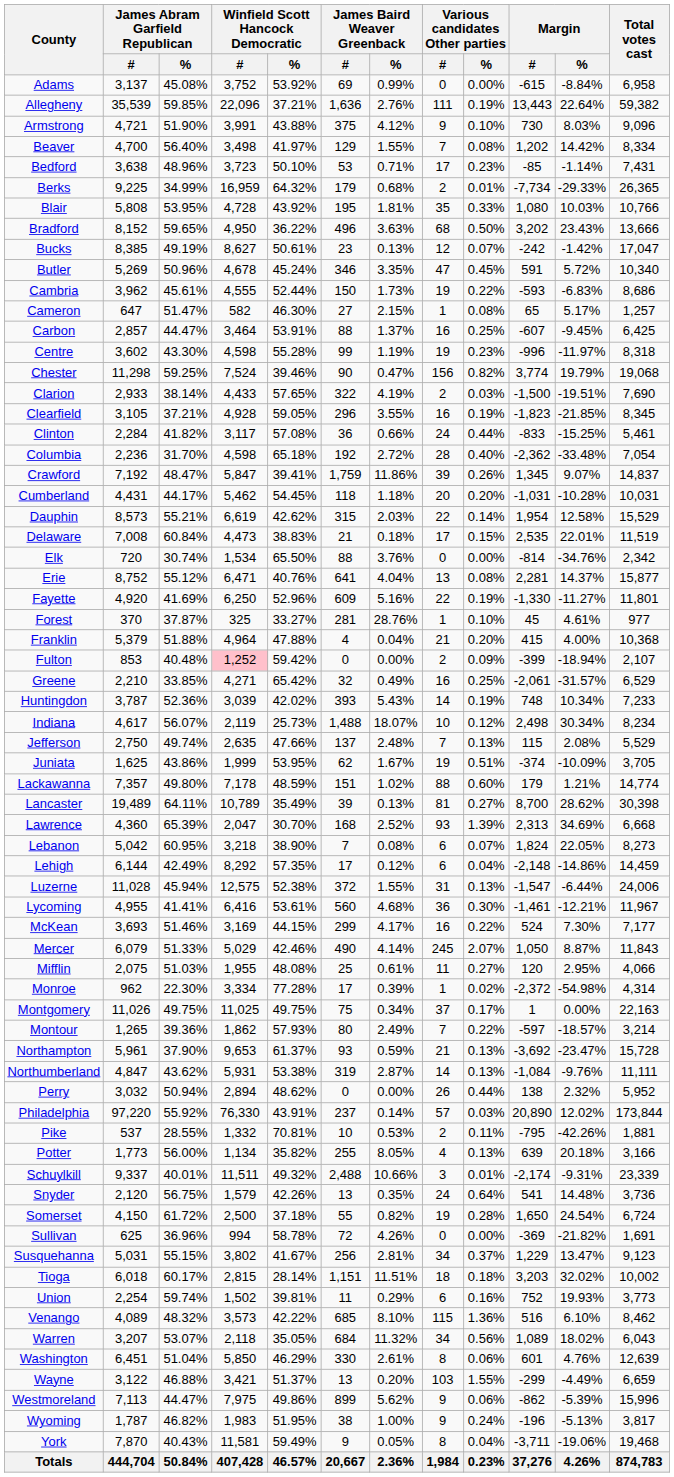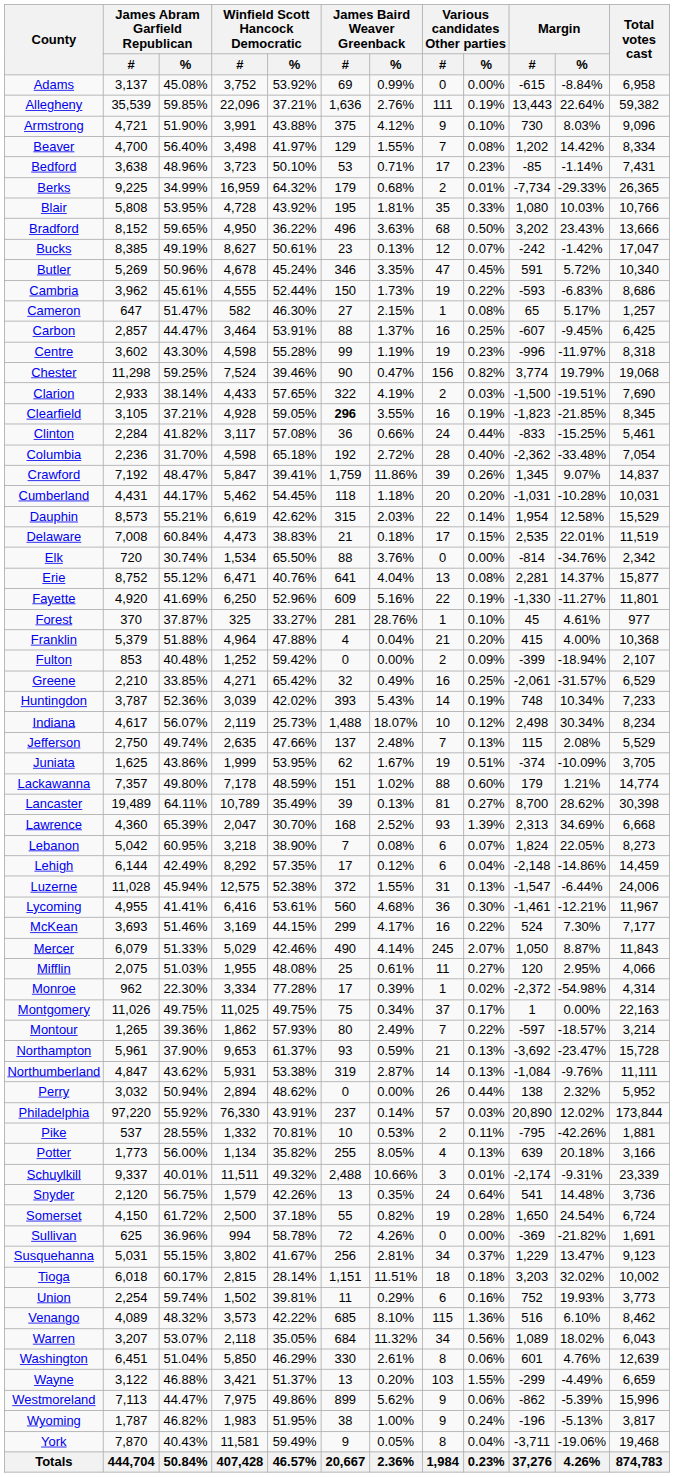 <table width="65%"  class="wikitable sortable" style="text-align:center">
 <tr>
 <th colspan="1" rowspan="2">County</th>
 <th style="text-align:center;" colspan="2">James Abram Garfield<br>Republican</th>
 <th style="text-align:center;" colspan="2">Winfield Scott Hancock<br>Democratic</th>
 <th style="text-align:center;" colspan="2">James Baird Weaver<br>Greenback</th>
 <th style="text-align:center;" colspan="2">Various candidates<br>Other parties</th>
 <th style="text-align:center;" colspan="2">Margin</th>
 <th style="text-align:center;" rowspan="2">Total votes cast</th>
 </tr>
 <tr>
 <th style="text-align:center;" data-sort-type="number">#</th>
 <th style="text-align:center;" data-sort-type="number">%</th>
 <th style="text-align:center;" data-sort-type="number">#</th>
 <th style="text-align:center;" data-sort-type="number">%</th>
 <th style="text-align:center;" data-sort-type="number">#</th>
 <th style="text-align:center;" data-sort-type="number">%</th>
 <th style="text-align:center;" data-sort-type="number">#</th>
 <th style="text-align:center;" data-sort-type="number">%</th>
 <th style="text-align:center;" data-sort-type="number">#</th>
 <th style="text-align:center;" data-sort-type="number">%</th>
 </tr>
 <tr style="text-align:center;">
 <td><a href='#'>Adams</a></td>
 <td>3,137</td>
 <td>45.08%</td>
 <td>3,752</td>
 <td>53.92%</td>
 <td>69</td>
 <td>0.99%</td>
 <td>0</td>
 <td>0.00%</td>
 <td>-615</td>
 <td>-8.84%</td>
 <td>6,958</td>
 </tr>
 <tr style="text-align:center;">
 <td><a href='#'>Allegheny</a></td>
 <td>35,539</td>
 <td>59.85%</td>
 <td>22,096</td>
 <td>37.21%</td>
 <td>1,636</td>
 <td>2.76%</td>
 <td>111</td>
 <td>0.19%</td>
 <td>13,443</td>
 <td>22.64%</td>
 <td>59,382</td>
 </tr>
 <tr style="text-align:center;">
 <td><a href='#'>Armstrong</a></td>
 <td>4,721</td>
 <td>51.90%</td>
 <td>3,991</td>
 <td>43.88%</td>
 <td>375</td>
 <td>4.12%</td>
 <td>9</td>
 <td>0.10%</td>
 <td>730</td>
 <td>8.03%</td>
 <td>9,096</td>
 </tr>
 <tr style="text-align:center;">
 <td><a href='#'>Beaver</a></td>
 <td>4,700</td>
 <td>56.40%</td>
 <td>3,498</td>
 <td>41.97%</td>
 <td>129</td>
 <td>1.55%</td>
 <td>7</td>
 <td>0.08%</td>
 <td>1,202</td>
 <td>14.42%</td>
 <td>8,334</td>
 </tr>
 <tr style="text-align:center;">
 <td><a href='#'>Bedford</a></td>
 <td>3,638</td>
 <td>48.96%</td>
 <td>3,723</td>
 <td>50.10%</td>
 <td>53</td>
 <td>0.71%</td>
 <td>17</td>
 <td>0.23%</td>
 <td>-85</td>
 <td>-1.14%</td>
 <td>7,431</td>
 </tr>
 <tr style="text-align:center;">
 <td><a href='#'>Berks</a></td>
 <td>9,225</td>
 <td>34.99%</td>
 <td>16,959</td>
 <td>64.32%</td>
 <td>179</td>
 <td>0.68%</td>
 <td>2</td>
 <td>0.01%</td>
 <td>-7,734</td>
 <td>-29.33%</td>
 <td>26,365</td>
 </tr>
 <tr style="text-align:center;">
 <td><a href='#'>Blair</a></td>
 <td>5,808</td>
 <td>53.95%</td>
 <td>4,728</td>
 <td>43.92%</td>
 <td>195</td>
 <td>1.81%</td>
 <td>35</td>
 <td>0.33%</td>
 <td>1,080</td>
 <td>10.03%</td>
 <td>10,766</td>
 </tr>
 <tr style="text-align:center;">
 <td><a href='#'>Bradford</a></td>
 <td>8,152</td>
 <td>59.65%</td>
 <td>4,950</td>
 <td>36.22%</td>
 <td>496</td>
 <td>3.63%</td>
 <td>68</td>
 <td>0.50%</td>
 <td>3,202</td>
 <td>23.43%</td>
 <td>13,666</td>
 </tr>
 <tr style="text-align:center;">
 <td><a href='#'>Bucks</a></td>
 <td>8,385</td>
 <td>49.19%</td>
 <td>8,627</td>
 <td>50.61%</td>
 <td>23</td>
 <td>0.13%</td>
 <td>12</td>
 <td>0.07%</td>
 <td>-242</td>
 <td>-1.42%</td>
 <td>17,047</td>
 </tr>
 <tr style="text-align:center;">
 <td><a href='#'>Butler</a></td>
 <td>5,269</td>
 <td>50.96%</td>
 <td>4,678</td>
 <td>45.24%</td>
 <td>346</td>
 <td>3.35%</td>
 <td>47</td>
 <td>0.45%</td>
 <td>591</td>
 <td>5.72%</td>
 <td>10,340</td>
 </tr>
 <tr style="text-align:center;">
 <td><a href='#'>Cambria</a></td>
 <td>3,962</td>
 <td>45.61%</td>
 <td>4,555</td>
 <td>52.44%</td>
 <td>150</td>
 <td>1.73%</td>
 <td>19</td>
 <td>0.22%</td>
 <td>-593</td>
 <td>-6.83%</td>
 <td>8,686</td>
 </tr>
 <tr style="text-align:center;">
 <td><a href='#'>Cameron</a></td>
 <td>647</td>
 <td>51.47%</td>
 <td>582</td>
 <td>46.30%</td>
 <td>27</td>
 <td>2.15%</td>
 <td>1</td>
 <td>0.08%</td>
 <td>65</td>
 <td>5.17%</td>
 <td>1,257</td>
 </tr>
 <tr style="text-align:center;">
 <td><a href='#'>Carbon</a></td>
 <td>2,857</td>
 <td>44.47%</td>
 <td>3,464</td>
 <td>53.91%</td>
 <td>88</td>
 <td>1.37%</td>
 <td>16</td>
 <td>0.25%</td>
 <td>-607</td>
 <td>-9.45%</td>
 <td>6,425</td>
 </tr>
 <tr style="text-align:center;">
 <td><a href='#'>Centre</a></td>
 <td>3,602</td>
 <td>43.30%</td>
 <td>4,598</td>
 <td>55.28%</td>
 <td>99</td>
 <td>1.19%</td>
 <td>19</td>
 <td>0.23%</td>
 <td>-996</td>
 <td>-11.97%</td>
 <td>8,318</td>
 </tr>
 <tr style="text-align:center;">
 <td><a href='#'>Chester</a></td>
 <td>11,298</td>
 <td>59.25%</td>
 <td>7,524</td>
 <td>39.46%</td>
 <td>90</td>
 <td>0.47%</td>
 <td>156</td>
 <td>0.82%</td>
 <td>3,774</td>
 <td>19.79%</td>
 <td>19,068</td>
 </tr>
 <tr style="text-align:center;">
 <td><a href='#'>Clarion</a></td>
 <td>2,933</td>
 <td>38.14%</td>
 <td>4,433</td>
 <td>57.65%</td>
 <td>322</td>
 <td>4.19%</td>
 <td>2</td>
 <td>0.03%</td>
 <td>-1,500</td>
 <td>-19.51%</td>
 <td>7,690</td>
 </tr>
 <tr style="text-align:center;">
 <td><a href='#'>Clearfield</a></td>
 <td>3,105</td>
 <td>37.21%</td>
 <td>4,928</td>
 <td>59.05%</td>
-<td>296</td>
+<td><strong>296</strong></td>
 <td>3.55%</td>
 <td>16</td>
 <td>0.19%</td>
 <td>-1,823</td>
 <td>-21.85%</td>
 <td>8,345</td>
 </tr>
 <tr style="text-align:center;">
 <td><a href='#'>Clinton</a></td>
 <td>2,284</td>
 <td>41.82%</td>
 <td>3,117</td>
 <td>57.08%</td>
 <td>36</td>
 <td>0.66%</td>
 <td>24</td>
 <td>0.44%</td>
 <td>-833</td>
 <td>-15.25%</td>
 <td>5,461</td>
 </tr>
 <tr style="text-align:center;">
 <td><a href='#'>Columbia</a></td>
 <td>2,236</td>
 <td>31.70%</td>
 <td>4,598</td>
 <td>65.18%</td>
 <td>192</td>
 <td>2.72%</td>
 <td>28</td>
 <td>0.40%</td>
 <td>-2,362</td>
 <td>-33.48%</td>
 <td>7,054</td>
 </tr>
 <tr style="text-align:center;">
 <td><a href='#'>Crawford</a></td>
 <td>7,192</td>
 <td>48.47%</td>
 <td>5,847</td>
 <td>39.41%</td>
 <td>1,759</td>
 <td>11.86%</td>
 <td>39</td>
 <td>0.26%</td>
 <td>1,345</td>
 <td>9.07%</td>
 <td>14,837</td>
 </tr>
 <tr style="text-align:center;">
 <td><a href='#'>Cumberland</a></td>
 <td>4,431</td>
 <td>44.17%</td>
 <td>5,462</td>
 <td>54.45%</td>
 <td>118</td>
 <td>1.18%</td>
 <td>20</td>
 <td>0.20%</td>
 <td>-1,031</td>
 <td>-10.28%</td>
 <td>10,031</td>
 </tr>
 <tr style="text-align:center;">
 <td><a href='#'>Dauphin</a></td>
 <td>8,573</td>
 <td>55.21%</td>
 <td>6,619</td>
 <td>42.62%</td>
 <td>315</td>
 <td>2.03%</td>
 <td>22</td>
 <td>0.14%</td>
 <td>1,954</td>
 <td>12.58%</td>
 <td>15,529</td>
 </tr>
 <tr style="text-align:center;">
 <td><a href='#'>Delaware</a></td>
 <td>7,008</td>
 <td>60.84%</td>
 <td>4,473</td>
 <td>38.83%</td>
 <td>21</td>
 <td>0.18%</td>
 <td>17</td>
 <td>0.15%</td>
 <td>2,535</td>
 <td>22.01%</td>
 <td>11,519</td>
 </tr>
 <tr style="text-align:center;">
 <td><a href='#'>Elk</a></td>
 <td>720</td>
 <td>30.74%</td>
 <td>1,534</td>
 <td>65.50%</td>
 <td>88</td>
 <td>3.76%</td>
 <td>0</td>
 <td>0.00%</td>
 <td>-814</td>
 <td>-34.76%</td>
 <td>2,342</td>
 </tr>
 <tr style="text-align:center;">
 <td><a href='#'>Erie</a></td>
 <td>8,752</td>
 <td>55.12%</td>
 <td>6,471</td>
 <td>40.76%</td>
 <td>641</td>
 <td>4.04%</td>
 <td>13</td>
 <td>0.08%</td>
 <td>2,281</td>
 <td>14.37%</td>
 <td>15,877</td>
 </tr>
 <tr style="text-align:center;">
 <td><a href='#'>Fayette</a></td>
 <td>4,920</td>
 <td>41.69%</td>
 <td>6,250</td>
 <td>52.96%</td>
 <td>609</td>
 <td>5.16%</td>
 <td>22</td>
 <td>0.19%</td>
 <td>-1,330</td>
 <td>-11.27%</td>
 <td>11,801</td>
 </tr>
 <tr style="text-align:center;">
 <td><a href='#'>Forest</a></td>
 <td>370</td>
 <td>37.87%</td>
 <td>325</td>
 <td>33.27%</td>
 <td>281</td>
 <td>28.76%</td>
 <td>1</td>
 <td>0.10%</td>
 <td>45</td>
 <td>4.61%</td>
 <td>977</td>
 </tr>
 <tr style="text-align:center;">
 <td><a href='#'>Franklin</a></td>
 <td>5,379</td>
 <td>51.88%</td>
 <td>4,964</td>
 <td>47.88%</td>
 <td>4</td>
 <td>0.04%</td>
 <td>21</td>
 <td>0.20%</td>
 <td>415</td>
 <td>4.00%</td>
 <td>10,368</td>
 </tr>
 <tr style="text-align:center;">
 <td><a href='#'>Fulton</a></td>
 <td>853</td>
 <td>40.48%</td>
-<td style="background: pink;">1,252</td>
+<td>1,252</td>
 <td>59.42%</td>
 <td>0</td>
 <td>0.00%</td>
 <td>2</td>
 <td>0.09%</td>
 <td>-399</td>
 <td>-18.94%</td>
 <td>2,107</td>
 </tr>
 <tr style="text-align:center;">
 <td><a href='#'>Greene</a></td>
 <td>2,210</td>
 <td>33.85%</td>
 <td>4,271</td>
 <td>65.42%</td>
 <td>32</td>
 <td>0.49%</td>
 <td>16</td>
 <td>0.25%</td>
 <td>-2,061</td>
 <td>-31.57%</td>
 <td>6,529</td>
 </tr>
 <tr style="text-align:center;">
 <td><a href='#'>Huntingdon</a></td>
 <td>3,787</td>
 <td>52.36%</td>
 <td>3,039</td>
 <td>42.02%</td>
 <td>393</td>
 <td>5.43%</td>
 <td>14</td>
 <td>0.19%</td>
 <td>748</td>
 <td>10.34%</td>
 <td>7,233</td>
 </tr>
 <tr style="text-align:center;">
 <td><a href='#'>Indiana</a></td>
 <td>4,617</td>
 <td>56.07%</td>
 <td>2,119</td>
 <td>25.73%</td>
 <td>1,488</td>
 <td>18.07%</td>
 <td>10</td>
 <td>0.12%</td>
 <td>2,498</td>
 <td>30.34%</td>
 <td>8,234</td>
 </tr>
 <tr style="text-align:center;">
 <td><a href='#'>Jefferson</a></td>
 <td>2,750</td>
 <td>49.74%</td>
 <td>2,635</td>
 <td>47.66%</td>
 <td>137</td>
 <td>2.48%</td>
 <td>7</td>
 <td>0.13%</td>
 <td>115</td>
 <td>2.08%</td>
 <td>5,529</td>
 </tr>
 <tr style="text-align:center;">
 <td><a href='#'>Juniata</a></td>
 <td>1,625</td>
 <td>43.86%</td>
 <td>1,999</td>
 <td>53.95%</td>
 <td>62</td>
 <td>1.67%</td>
 <td>19</td>
 <td>0.51%</td>
 <td>-374</td>
 <td>-10.09%</td>
 <td>3,705</td>
 </tr>
 <tr style="text-align:center;">
 <td><a href='#'>Lackawanna</a></td>
 <td>7,357</td>
 <td>49.80%</td>
 <td>7,178</td>
 <td>48.59%</td>
 <td>151</td>
 <td>1.02%</td>
 <td>88</td>
 <td>0.60%</td>
 <td>179</td>
 <td>1.21%</td>
 <td>14,774</td>
 </tr>
 <tr style="text-align:center;">
 <td><a href='#'>Lancaster</a></td>
 <td>19,489</td>
 <td>64.11%</td>
 <td>10,789</td>
 <td>35.49%</td>
 <td>39</td>
 <td>0.13%</td>
 <td>81</td>
 <td>0.27%</td>
 <td>8,700</td>
 <td>28.62%</td>
 <td>30,398</td>
 </tr>
 <tr style="text-align:center;">
 <td><a href='#'>Lawrence</a></td>
 <td>4,360</td>
 <td>65.39%</td>
 <td>2,047</td>
 <td>30.70%</td>
 <td>168</td>
 <td>2.52%</td>
 <td>93</td>
 <td>1.39%</td>
 <td>2,313</td>
 <td>34.69%</td>
 <td>6,668</td>
 </tr>
 <tr style="text-align:center;">
 <td><a href='#'>Lebanon</a></td>
 <td>5,042</td>
 <td>60.95%</td>
 <td>3,218</td>
 <td>38.90%</td>
 <td>7</td>
 <td>0.08%</td>
 <td>6</td>
 <td>0.07%</td>
 <td>1,824</td>
 <td>22.05%</td>
 <td>8,273</td>
 </tr>
 <tr style="text-align:center;">
 <td><a href='#'>Lehigh</a></td>
 <td>6,144</td>
 <td>42.49%</td>
 <td>8,292</td>
 <td>57.35%</td>
 <td>17</td>
 <td>0.12%</td>
 <td>6</td>
 <td>0.04%</td>
 <td>-2,148</td>
 <td>-14.86%</td>
 <td>14,459</td>
 </tr>
 <tr style="text-align:center;">
 <td><a href='#'>Luzerne</a></td>
 <td>11,028</td>
 <td>45.94%</td>
 <td>12,575</td>
 <td>52.38%</td>
 <td>372</td>
 <td>1.55%</td>
 <td>31</td>
 <td>0.13%</td>
 <td>-1,547</td>
 <td>-6.44%</td>
 <td>24,006</td>
 </tr>
 <tr style="text-align:center;">
 <td><a href='#'>Lycoming</a></td>
 <td>4,955</td>
 <td>41.41%</td>
 <td>6,416</td>
 <td>53.61%</td>
 <td>560</td>
 <td>4.68%</td>
 <td>36</td>
 <td>0.30%</td>
 <td>-1,461</td>
 <td>-12.21%</td>
 <td>11,967</td>
 </tr>
 <tr style="text-align:center;">
 <td><a href='#'>McKean</a></td>
 <td>3,693</td>
 <td>51.46%</td>
 <td>3,169</td>
 <td>44.15%</td>
 <td>299</td>
 <td>4.17%</td>
 <td>16</td>
 <td>0.22%</td>
 <td>524</td>
 <td>7.30%</td>
 <td>7,177</td>
 </tr>
 <tr style="text-align:center;">
 <td><a href='#'>Mercer</a></td>
 <td>6,079</td>
 <td>51.33%</td>
 <td>5,029</td>
 <td>42.46%</td>
 <td>490</td>
 <td>4.14%</td>
 <td>245</td>
 <td>2.07%</td>
 <td>1,050</td>
 <td>8.87%</td>
 <td>11,843</td>
 </tr>
 <tr style="text-align:center;">
 <td><a href='#'>Mifflin</a></td>
 <td>2,075</td>
 <td>51.03%</td>
 <td>1,955</td>
 <td>48.08%</td>
 <td>25</td>
 <td>0.61%</td>
 <td>11</td>
 <td>0.27%</td>
 <td>120</td>
 <td>2.95%</td>
 <td>4,066</td>
 </tr>
 <tr style="text-align:center;">
 <td><a href='#'>Monroe</a></td>
 <td>962</td>
 <td>22.30%</td>
 <td>3,334</td>
 <td>77.28%</td>
 <td>17</td>
 <td>0.39%</td>
 <td>1</td>
 <td>0.02%</td>
 <td>-2,372</td>
 <td>-54.98%</td>
 <td>4,314</td>
 </tr>
 <tr style="text-align:center;">
 <td><a href='#'>Montgomery</a></td>
 <td>11,026</td>
 <td>49.75%</td>
 <td>11,025</td>
 <td>49.75%</td>
 <td>75</td>
 <td>0.34%</td>
 <td>37</td>
 <td>0.17%</td>
 <td>1</td>
 <td>0.00%</td>
 <td>22,163</td>
 </tr>
 <tr style="text-align:center;">
 <td><a href='#'>Montour</a></td>
 <td>1,265</td>
 <td>39.36%</td>
 <td>1,862</td>
 <td>57.93%</td>
 <td>80</td>
 <td>2.49%</td>
 <td>7</td>
 <td>0.22%</td>
 <td>-597</td>
 <td>-18.57%</td>
 <td>3,214</td>
 </tr>
 <tr style="text-align:center;">
 <td><a href='#'>Northampton</a></td>
 <td>5,961</td>
 <td>37.90%</td>
 <td>9,653</td>
 <td>61.37%</td>
 <td>93</td>
 <td>0.59%</td>
 <td>21</td>
 <td>0.13%</td>
 <td>-3,692</td>
 <td>-23.47%</td>
 <td>15,728</td>
 </tr>
 <tr style="text-align:center;">
 <td><a href='#'>Northumberland</a></td>
 <td>4,847</td>
 <td>43.62%</td>
 <td>5,931</td>
 <td>53.38%</td>
 <td>319</td>
 <td>2.87%</td>
 <td>14</td>
 <td>0.13%</td>
 <td>-1,084</td>
 <td>-9.76%</td>
 <td>11,111</td>
 </tr>
 <tr style="text-align:center;">
 <td><a href='#'>Perry</a></td>
 <td>3,032</td>
 <td>50.94%</td>
 <td>2,894</td>
 <td>48.62%</td>
 <td>0</td>
 <td>0.00%</td>
 <td>26</td>
 <td>0.44%</td>
 <td>138</td>
 <td>2.32%</td>
 <td>5,952</td>
 </tr>
 <tr style="text-align:center;">
 <td><a href='#'>Philadelphia</a></td>
 <td>97,220</td>
 <td>55.92%</td>
 <td>76,330</td>
 <td>43.91%</td>
 <td>237</td>
 <td>0.14%</td>
 <td>57</td>
 <td>0.03%</td>
 <td>20,890</td>
 <td>12.02%</td>
 <td>173,844</td>
 </tr>
 <tr style="text-align:center;">
 <td><a href='#'>Pike</a></td>
 <td>537</td>
 <td>28.55%</td>
 <td>1,332</td>
 <td>70.81%</td>
 <td>10</td>
 <td>0.53%</td>
 <td>2</td>
 <td>0.11%</td>
 <td>-795</td>
 <td>-42.26%</td>
 <td>1,881</td>
 </tr>
 <tr style="text-align:center;">
 <td><a href='#'>Potter</a></td>
 <td>1,773</td>
 <td>56.00%</td>
 <td>1,134</td>
 <td>35.82%</td>
 <td>255</td>
 <td>8.05%</td>
 <td>4</td>
 <td>0.13%</td>
 <td>639</td>
 <td>20.18%</td>
 <td>3,166</td>
 </tr>
 <tr style="text-align:center;">
 <td><a href='#'>Schuylkill</a></td>
 <td>9,337</td>
 <td>40.01%</td>
 <td>11,511</td>
 <td>49.32%</td>
 <td>2,488</td>
 <td>10.66%</td>
 <td>3</td>
 <td>0.01%</td>
 <td>-2,174</td>
 <td>-9.31%</td>
 <td>23,339</td>
 </tr>
 <tr style="text-align:center;">
 <td><a href='#'>Snyder</a></td>
 <td>2,120</td>
 <td>56.75%</td>
 <td>1,579</td>
 <td>42.26%</td>
 <td>13</td>
 <td>0.35%</td>
 <td>24</td>
 <td>0.64%</td>
 <td>541</td>
 <td>14.48%</td>
 <td>3,736</td>
 </tr>
 <tr style="text-align:center;">
 <td><a href='#'>Somerset</a></td>
 <td>4,150</td>
 <td>61.72%</td>
 <td>2,500</td>
 <td>37.18%</td>
 <td>55</td>
 <td>0.82%</td>
 <td>19</td>
 <td>0.28%</td>
 <td>1,650</td>
 <td>24.54%</td>
 <td>6,724</td>
 </tr>
 <tr style="text-align:center;">
 <td><a href='#'>Sullivan</a></td>
 <td>625</td>
 <td>36.96%</td>
 <td>994</td>
 <td>58.78%</td>
 <td>72</td>
 <td>4.26%</td>
 <td>0</td>
 <td>0.00%</td>
 <td>-369</td>
 <td>-21.82%</td>
 <td>1,691</td>
 </tr>
 <tr style="text-align:center;">
 <td><a href='#'>Susquehanna</a></td>
 <td>5,031</td>
 <td>55.15%</td>
 <td>3,802</td>
 <td>41.67%</td>
 <td>256</td>
 <td>2.81%</td>
 <td>34</td>
 <td>0.37%</td>
 <td>1,229</td>
 <td>13.47%</td>
 <td>9,123</td>
 </tr>
 <tr style="text-align:center;">
 <td><a href='#'>Tioga</a></td>
 <td>6,018</td>
 <td>60.17%</td>
 <td>2,815</td>
 <td>28.14%</td>
 <td>1,151</td>
 <td>11.51%</td>
 <td>18</td>
 <td>0.18%</td>
 <td>3,203</td>
 <td>32.02%</td>
 <td>10,002</td>
 </tr>
 <tr style="text-align:center;">
 <td><a href='#'>Union</a></td>
 <td>2,254</td>
 <td>59.74%</td>
 <td>1,502</td>
 <td>39.81%</td>
 <td>11</td>
 <td>0.29%</td>
 <td>6</td>
 <td>0.16%</td>
 <td>752</td>
 <td>19.93%</td>
 <td>3,773</td>
 </tr>
 <tr style="text-align:center;">
 <td><a href='#'>Venango</a></td>
 <td>4,089</td>
 <td>48.32%</td>
 <td>3,573</td>
 <td>42.22%</td>
 <td>685</td>
 <td>8.10%</td>
 <td>115</td>
 <td>1.36%</td>
 <td>516</td>
 <td>6.10%</td>
 <td>8,462</td>
 </tr>
 <tr style="text-align:center;">
 <td><a href='#'>Warren</a></td>
 <td>3,207</td>
 <td>53.07%</td>
 <td>2,118</td>
 <td>35.05%</td>
 <td>684</td>
 <td>11.32%</td>
 <td>34</td>
 <td>0.56%</td>
 <td>1,089</td>
 <td>18.02%</td>
 <td>6,043</td>
 </tr>
 <tr style="text-align:center;">
 <td><a href='#'>Washington</a></td>
 <td>6,451</td>
 <td>51.04%</td>
 <td>5,850</td>
 <td>46.29%</td>
 <td>330</td>
 <td>2.61%</td>
 <td>8</td>
 <td>0.06%</td>
 <td>601</td>
 <td>4.76%</td>
 <td>12,639</td>
 </tr>
 <tr style="text-align:center;">
 <td><a href='#'>Wayne</a></td>
 <td>3,122</td>
 <td>46.88%</td>
 <td>3,421</td>
 <td>51.37%</td>
 <td>13</td>
 <td>0.20%</td>
 <td>103</td>
 <td>1.55%</td>
 <td>-299</td>
 <td>-4.49%</td>
 <td>6,659</td>
 </tr>
 <tr style="text-align:center;">
 <td><a href='#'>Westmoreland</a></td>
 <td>7,113</td>
 <td>44.47%</td>
 <td>7,975</td>
 <td>49.86%</td>
 <td>899</td>
 <td>5.62%</td>
 <td>9</td>
 <td>0.06%</td>
 <td>-862</td>
 <td>-5.39%</td>
 <td>15,996</td>
 </tr>
 <tr style="text-align:center;">
 <td><a href='#'>Wyoming</a></td>
 <td>1,787</td>
 <td>46.82%</td>
 <td>1,983</td>
 <td>51.95%</td>
 <td>38</td>
 <td>1.00%</td>
 <td>9</td>
 <td>0.24%</td>
 <td>-196</td>
 <td>-5.13%</td>
 <td>3,817</td>
 </tr>
 <tr style="text-align:center;">
 <td><a href='#'>York</a></td>
 <td>7,870</td>
 <td>40.43%</td>
 <td>11,581</td>
 <td>59.49%</td>
 <td>9</td>
 <td>0.05%</td>
 <td>8</td>
 <td>0.04%</td>
 <td>-3,711</td>
 <td>-19.06%</td>
 <td>19,468</td>
 </tr>
 <tr style="text-align:center;">
 <th>Totals</th>
 <th>444,704</th>
 <th>50.84%</th>
 <th>407,428</th>
 <th>46.57%</th>
 <th>20,667</th>
 <th>2.36%</th>
 <th>1,984</th>
 <th>0.23%</th>
 <th>37,276</th>
 <th>4.26%</th>
 <th>874,783</th>
 </tr>
 </table>
